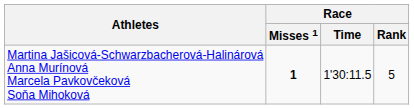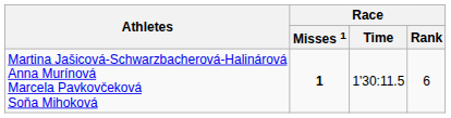 <table class="wikitable" border="1" style="font-size:90%">
 <tr>
 <th rowspan=2>Athletes</th>
 <th colspan=3>Race</th>
 </tr>
 <tr>
 <th>Misses <sup>1</sup></th>
 <th>Time</th>
 <th>Rank</th>
 </tr>
 <tr>
 <td><a href='#'>Martina Jašicová-Schwarzbacherová-Halinárová</a><br><a href='#'>Anna Murínová</a><br><a href='#'>Marcela Pavkovčeková</a><br><a href='#'>Soňa Mihoková</a></td>
 <td align=center><strong>1</strong></td>
 <td align=center>1'30:11.5</td>
-<td align=center>5</td>
+<td align=center>6</td>
 </tr>
 </table>
